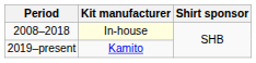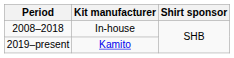 <table class="wikitable" style="text-align: center">
 <tr>
 <th>Period</th>
 <th>Kit manufacturer</th>
 <th>Shirt sponsor</th>
 </tr>
 <tr>
 <td>2008–2018</td>
-<td style="background: lightyellow;">In-house</td>
+<td>In-house</td>
 <td rowspan=2>SHB</td>
 </tr>
 <tr>
 <td>2019–present</td>
 <td> <a href='#'>Kamito</a></td>
 </tr>
 </table>
